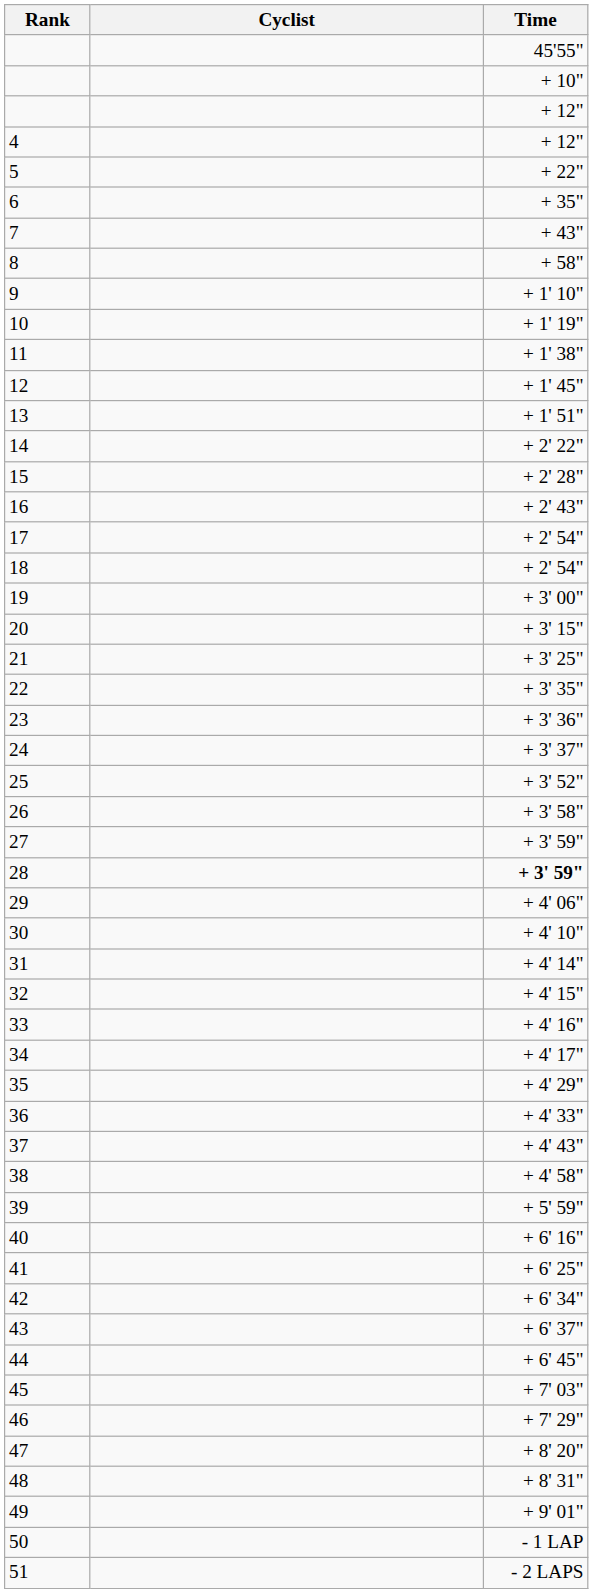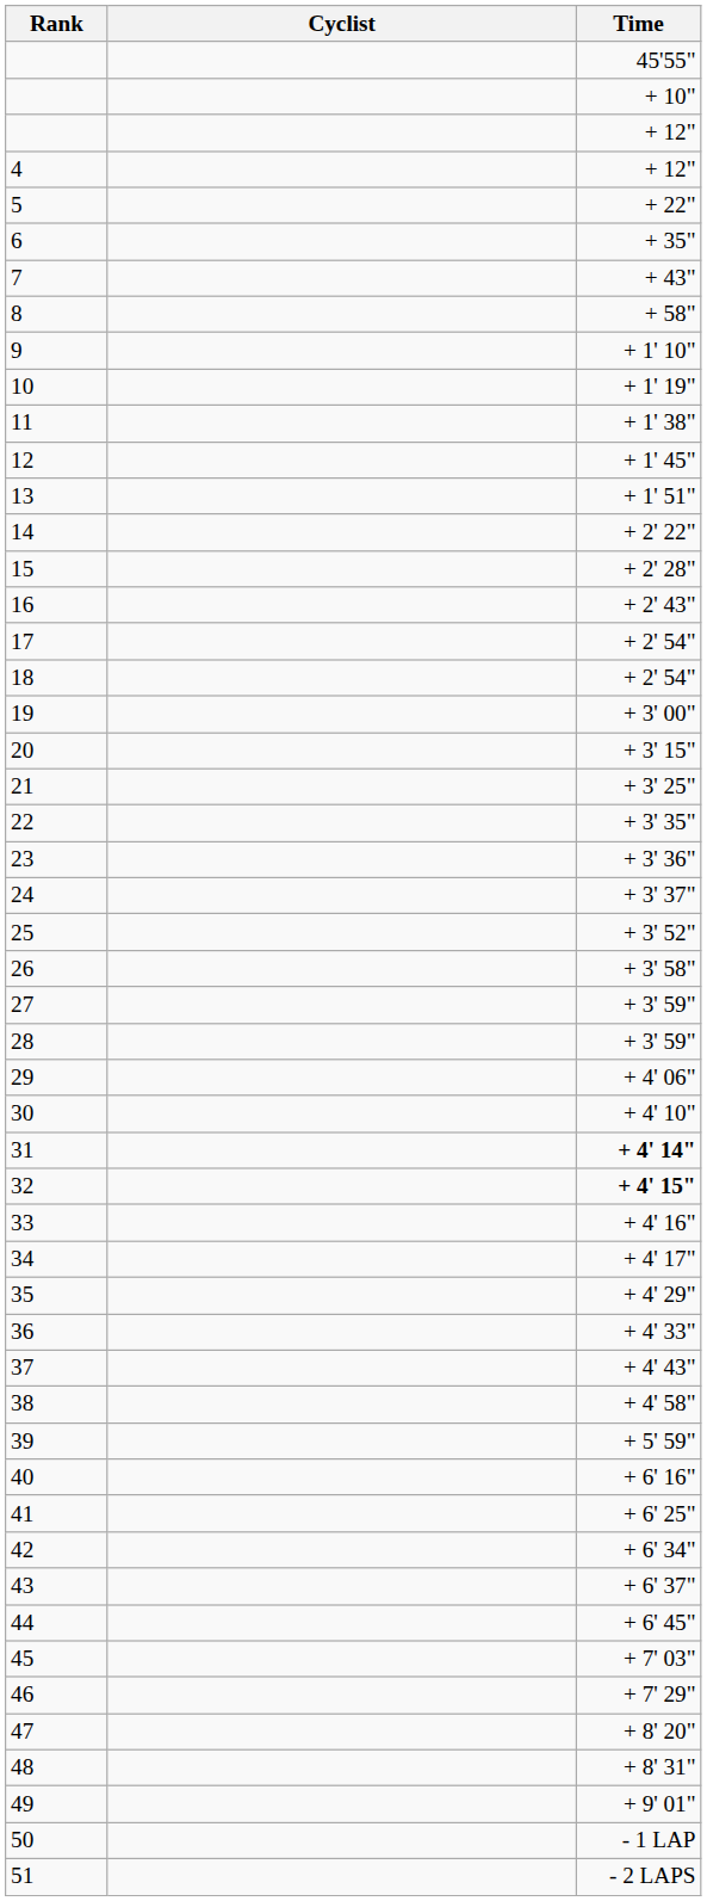 <table class="wikitable">
 <tr>
 <th style="width: 4em;">Rank</th>
 <th style="width: 20em;">Cyclist</th>
 <th style="width: 5em;">Time</th>
 </tr>
 <tr>
 <td></td>
 <td></td>
 <td align="right">45'55"</td>
 </tr>
 <tr>
 <td></td>
 <td></td>
 <td align="right">+ 10"</td>
 </tr>
 <tr>
 <td></td>
 <td></td>
 <td align="right">+ 12"</td>
 </tr>
 <tr>
 <td>4</td>
 <td></td>
 <td align="right">+ 12"</td>
 </tr>
 <tr>
 <td>5</td>
 <td></td>
 <td align="right">+ 22"</td>
 </tr>
 <tr>
 <td>6</td>
 <td></td>
 <td align="right">+ 35"</td>
 </tr>
 <tr>
 <td>7</td>
 <td></td>
 <td align="right">+ 43"</td>
 </tr>
 <tr>
 <td>8</td>
 <td></td>
 <td align="right">+ 58"</td>
 </tr>
 <tr>
 <td>9</td>
 <td></td>
 <td align="right">+ 1' 10"</td>
 </tr>
 <tr>
 <td>10</td>
 <td></td>
 <td align="right">+ 1' 19"</td>
 </tr>
 <tr>
 <td>11</td>
 <td></td>
 <td align="right">+ 1' 38"</td>
 </tr>
 <tr>
 <td>12</td>
 <td></td>
 <td align="right">+ 1' 45"</td>
 </tr>
 <tr>
 <td>13</td>
 <td></td>
 <td align="right">+ 1' 51"</td>
 </tr>
 <tr>
 <td>14</td>
 <td></td>
 <td align="right">+ 2' 22"</td>
 </tr>
 <tr>
 <td>15</td>
 <td></td>
 <td align="right">+ 2' 28"</td>
 </tr>
 <tr>
 <td>16</td>
 <td></td>
 <td align="right">+ 2' 43"</td>
 </tr>
 <tr>
 <td>17</td>
 <td></td>
 <td align="right">+ 2' 54"</td>
 </tr>
 <tr>
 <td>18</td>
 <td></td>
 <td align="right">+ 2' 54"</td>
 </tr>
 <tr>
 <td>19</td>
 <td></td>
 <td align="right">+ 3' 00"</td>
 </tr>
 <tr>
 <td>20</td>
 <td></td>
 <td align="right">+ 3' 15"</td>
 </tr>
 <tr>
 <td>21</td>
 <td></td>
 <td align="right">+ 3' 25"</td>
 </tr>
 <tr>
 <td>22</td>
 <td></td>
 <td align="right">+ 3' 35"</td>
 </tr>
 <tr>
 <td>23</td>
 <td></td>
 <td align="right">+ 3' 36"</td>
 </tr>
 <tr>
 <td>24</td>
 <td></td>
 <td align="right">+ 3' 37"</td>
 </tr>
 <tr>
 <td>25</td>
 <td></td>
 <td align="right">+ 3' 52"</td>
 </tr>
 <tr>
 <td>26</td>
 <td></td>
 <td align="right">+ 3' 58"</td>
 </tr>
 <tr>
 <td>27</td>
 <td></td>
 <td align="right">+ 3' 59"</td>
 </tr>
 <tr>
 <td>28</td>
 <td></td>
-<td align="right"><strong>+ 3' 59"</strong></td>
+<td align="right">+ 3' 59"</td>
 </tr>
 <tr>
 <td>29</td>
 <td></td>
 <td align="right">+ 4' 06"</td>
 </tr>
 <tr>
 <td>30</td>
 <td></td>
 <td align="right">+ 4' 10"</td>
 </tr>
 <tr>
 <td>31</td>
 <td></td>
-<td align="right">+ 4' 14"</td>
+<td align="right"><strong>+ 4' 14"</strong></td>
 </tr>
 <tr>
 <td>32</td>
 <td></td>
-<td align="right">+ 4' 15"</td>
+<td align="right"><strong>+ 4' 15"</strong></td>
 </tr>
 <tr>
 <td>33</td>
 <td></td>
 <td align="right">+ 4' 16"</td>
 </tr>
 <tr>
 <td>34</td>
 <td></td>
 <td align="right">+ 4' 17"</td>
 </tr>
 <tr>
 <td>35</td>
 <td></td>
 <td align="right">+ 4' 29"</td>
 </tr>
 <tr>
 <td>36</td>
 <td></td>
 <td align="right">+ 4' 33"</td>
 </tr>
 <tr>
 <td>37</td>
 <td></td>
 <td align="right">+ 4' 43"</td>
 </tr>
 <tr>
 <td>38</td>
 <td></td>
 <td align="right">+ 4' 58"</td>
 </tr>
 <tr>
 <td>39</td>
 <td></td>
 <td align="right">+ 5' 59"</td>
 </tr>
 <tr>
 <td>40</td>
 <td></td>
 <td align="right">+ 6' 16"</td>
 </tr>
 <tr>
 <td>41</td>
 <td></td>
 <td align="right">+ 6' 25"</td>
 </tr>
 <tr>
 <td>42</td>
 <td></td>
 <td align="right">+ 6' 34"</td>
 </tr>
 <tr>
 <td>43</td>
 <td></td>
 <td align="right">+ 6' 37"</td>
 </tr>
 <tr>
 <td>44</td>
 <td></td>
 <td align="right">+ 6' 45"</td>
 </tr>
 <tr>
 <td>45</td>
 <td></td>
 <td align="right">+ 7' 03"</td>
 </tr>
 <tr>
 <td>46</td>
 <td></td>
 <td align="right">+ 7' 29"</td>
 </tr>
 <tr>
 <td>47</td>
 <td></td>
 <td align="right">+ 8' 20"</td>
 </tr>
 <tr>
 <td>48</td>
 <td></td>
 <td align="right">+ 8' 31"</td>
 </tr>
 <tr>
 <td>49</td>
 <td></td>
 <td align="right">+ 9' 01"</td>
 </tr>
 <tr>
 <td>50</td>
 <td></td>
 <td align="right">- 1 LAP</td>
 </tr>
 <tr>
 <td>51</td>
 <td></td>
 <td align="right">- 2 LAPS</td>
 </tr>
 </table>
